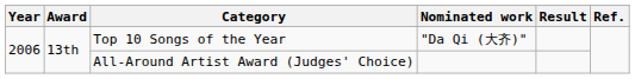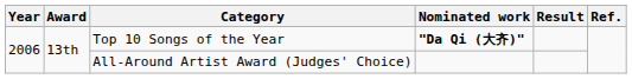 <table class="wikitable">
 <tr>
 <th>Year</th>
 <th>Award</th>
 <th>Category</th>
 <th>Nominated work</th>
 <th>Result</th>
 <th>Ref.</th>
 </tr>
 <tr>
 <td rowspan=2>2006</td>
 <td rowspan=2>13th</td>
 <td rowspan=1>Top 10 Songs of the Year</td>
-<td>"Da Qi (大齐)"</td>
+<td><strong>"Da Qi (大齐)"</strong></td>
 <td></td>
 <td rowspan=2></td>
 </tr>
 <tr>
 <td rowspan=1>All-Around Artist Award (Judges' Choice)</td>
 <td></td>
 <td></td>
 </tr>
 </table>
